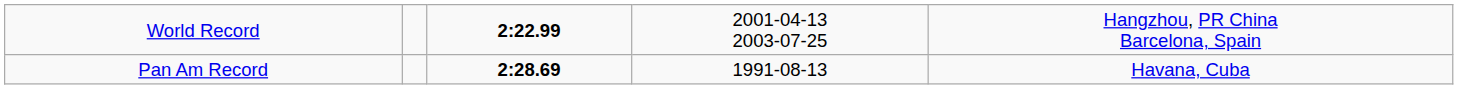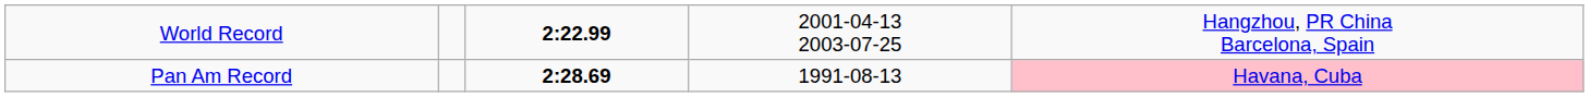 <table class="wikitable" style=" text-align:center; font-size:95%;" width="75%">
 <tr>
 <td><a href='#'>World Record</a></td>
 <td> <br> </td>
 <td><strong>2:22.99</strong></td>
 <td>2001-04-13 <br> 2003-07-25</td>
 <td> <a href='#'>Hangzhou</a>, <a href='#'>PR China</a> <br>  <a href='#'>Barcelona, Spain</a></td>
 </tr>
 <tr>
 <td><a href='#'>Pan Am Record</a></td>
 <td></td>
 <td><strong>2:28.69</strong></td>
 <td>1991-08-13</td>
-<td> <a href='#'>Havana, Cuba</a></td>
+<td style="background: pink;"> <a href='#'>Havana, Cuba</a></td>
 </tr>
 </table>
